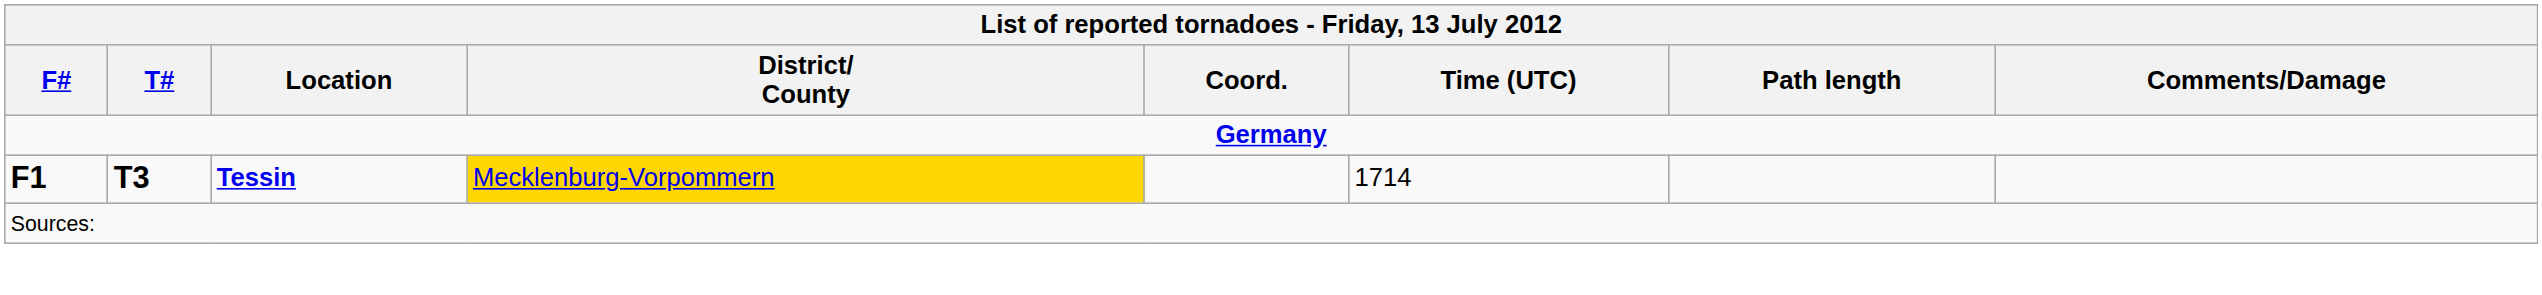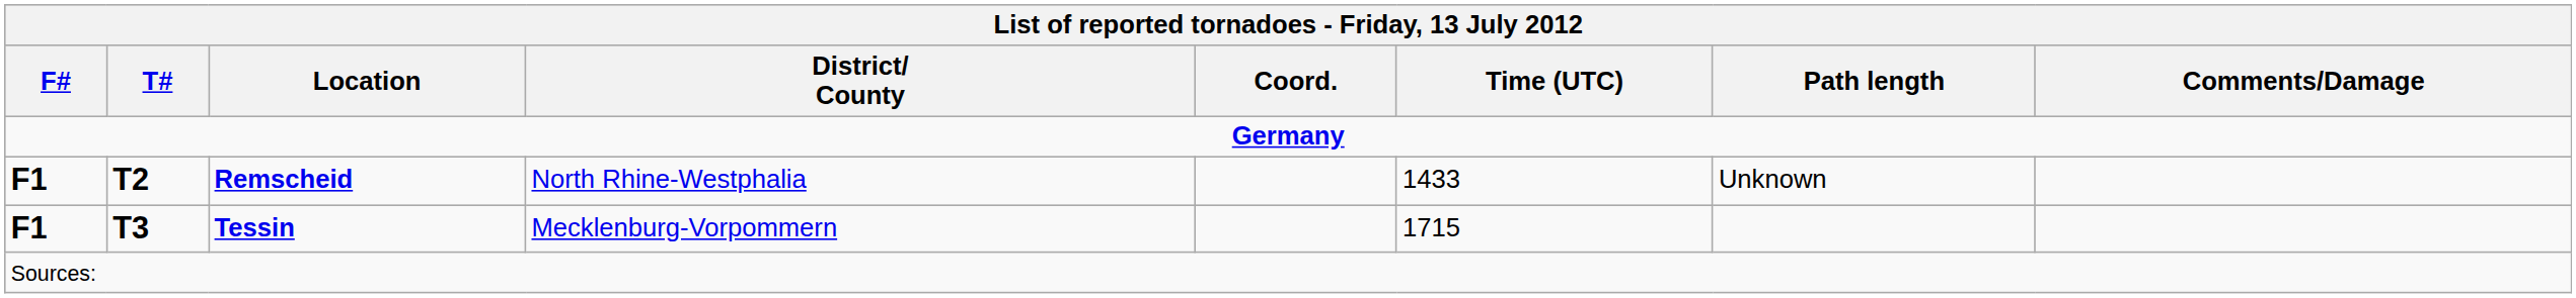 <table class="wikitable collapsible" width="100%">
 <tr>
 <th colspan="8">List of reported tornadoes - Friday, 13 July 2012</th>
 </tr>
 <tr>
 <th><a href='#'>F#</a></th>
 <th><a href='#'>T#</a></th>
 <th>Location</th>
 <th>District/<br>County</th>
 <th>Coord.</th>
 <th>Time (UTC)</th>
 <th>Path length</th>
 <th>Comments/Damage</th>
 </tr>
 <tr>
 <td colspan="8" align=center><strong><a href='#'>Germany</a></strong></td>
 </tr>
 <tr>
 <td><big><strong>F1</strong></big></td>
+<td><big><strong>T2</strong></big></td>
+<td><strong><a href='#'>Remscheid</a></strong></td>
+<td><a href='#'>North Rhine-Westphalia</a></td>
+<td></td>
+<td>1433</td>
+<td>Unknown</td>
+<td></td>
+</tr>
+<tr>
+<td><big><strong>F1</strong></big></td>
 <td><big><strong>T3</strong></big></td>
 <td><strong><a href='#'>Tessin</a></strong></td>
-<td style="background: gold;"><a href='#'>Mecklenburg-Vorpommern</a></td>
+<td><a href='#'>Mecklenburg-Vorpommern</a></td>
 <td></td>
-<td>1714</td>
+<td>1715</td>
 <td></td>
 <td></td>
 </tr>
 <tr>
 <td colspan="8"><small>Sources:  </small></td>
 </tr>
 </table>
